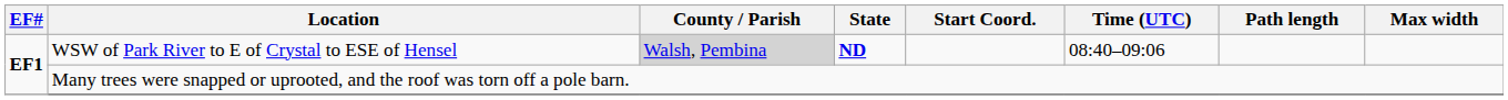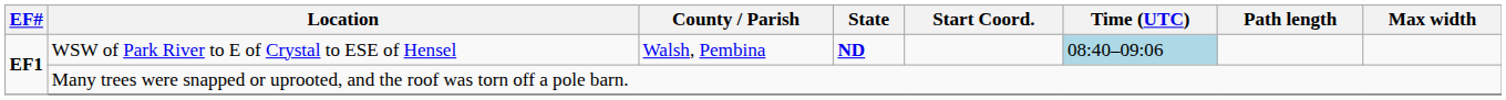 <table class="wikitable sortable" style="width:100%;">
 <tr>
 <th scope="col" width="2%" align="center"><a href='#'>EF#</a></th>
 <th scope="col" align="center" class="unsortable">Location</th>
 <th scope="col" align="center" class="unsortable">County / Parish</th>
 <th scope="col" align="center">State</th>
 <th scope="col" align="center" data-sort-type="number">Start Coord.</th>
 <th scope="col" align="center" data-sort-type="number">Time (<a href='#'>UTC</a>)</th>
 <th scope="col" align="center" data-sort-type="number">Path length</th>
 <th scope="col" align="center" data-sort-type="number">Max width</th>
 </tr>
 <tr>
 <td rowspan="2" align="center"><strong>EF1</strong></td>
 <td>WSW of <a href='#'>Park River</a> to E of <a href='#'>Crystal</a> to ESE of <a href='#'>Hensel</a></td>
-<td style="background: lightgrey;"><a href='#'>Walsh</a>, <a href='#'>Pembina</a></td>
+<td><a href='#'>Walsh</a>, <a href='#'>Pembina</a></td>
 <td><strong><a href='#'>ND</a></strong></td>
 <td></td>
-<td>08:40–09:06</td>
+<td style="background: lightblue;">08:40–09:06</td>
 <td></td>
 <td></td>
 </tr>
 <tr class="expand-child">
 <td colspan="8" style=" border-bottom: 1px solid black;">Many trees were snapped or uprooted, and the roof was torn off a pole barn.</td>
 </tr>
 <tr>
 </tr>
 </table>
